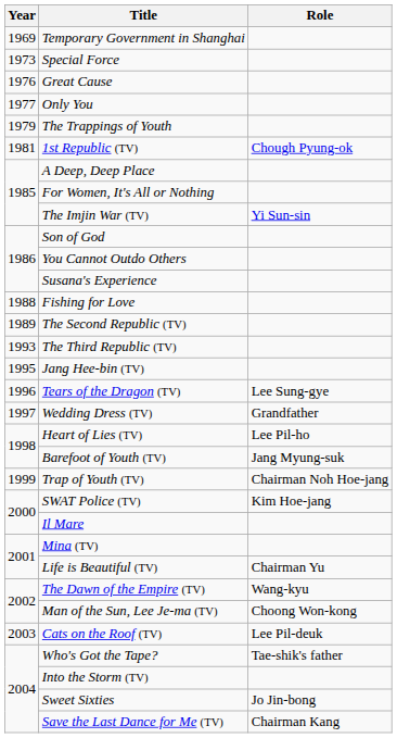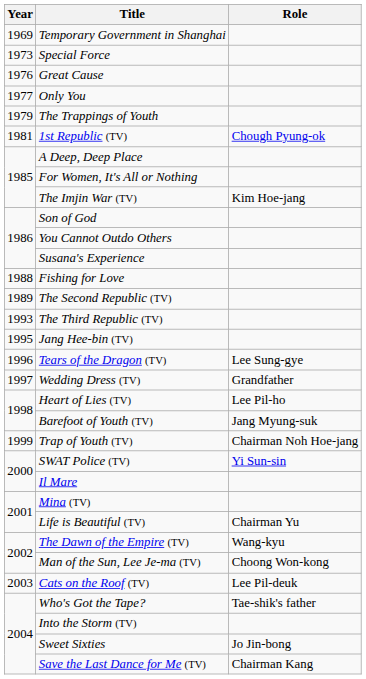 <table class="wikitable">
 <tr>
 <th>Year</th>
 <th>Title</th>
 <th>Role</th>
 </tr>
 <tr>
 <td>1969</td>
 <td><em>Temporary Government in Shanghai</em></td>
 <td></td>
 </tr>
 <tr>
 <td>1973</td>
 <td><em>Special Force</em> </td>
 <td></td>
 </tr>
 <tr>
 <td>1976</td>
 <td><em>Great Cause</em></td>
 <td></td>
 </tr>
 <tr>
 <td>1977</td>
 <td><em>Only You</em></td>
 <td></td>
 </tr>
 <tr>
 <td>1979</td>
 <td><em>The Trappings of Youth</em></td>
 <td></td>
 </tr>
 <tr>
 <td>1981</td>
 <td><em><a href='#'>1st Republic</a></em> <small>(TV)</small></td>
 <td><a href='#'>Chough Pyung-ok</a></td>
 </tr>
 <tr>
 <td rowspan=3>1985</td>
 <td><em>A Deep, Deep Place</em></td>
 <td></td>
 </tr>
 <tr>
 <td><em>For Women, It's All or Nothing</em> </td>
 <td></td>
 </tr>
 <tr>
 <td><em>The Imjin War</em> <small>(TV)</small></td>
-<td><a href='#'>Yi Sun-sin</a></td>
+<td>Kim Hoe-jang</td>
 </tr>
 <tr>
 <td rowspan=3>1986</td>
 <td><em>Son of God</em></td>
 <td></td>
 </tr>
 <tr>
 <td><em>You Cannot Outdo Others</em></td>
 <td></td>
 </tr>
 <tr>
 <td><em>Susana's Experience</em></td>
 <td></td>
 </tr>
 <tr>
 <td>1988</td>
 <td><em>Fishing for Love</em> </td>
 <td></td>
 </tr>
 <tr>
 <td>1989</td>
 <td><em>The Second Republic</em>  <small>(TV)</small></td>
 <td></td>
 </tr>
 <tr>
 <td>1993</td>
 <td><em>The Third Republic</em>  <small>(TV)</small></td>
 <td></td>
 </tr>
 <tr>
 <td>1995</td>
 <td><em>Jang Hee-bin</em>  <small>(TV)</small></td>
 <td></td>
 </tr>
 <tr>
 <td>1996</td>
 <td><em><a href='#'>Tears of the Dragon</a></em> <small>(TV)</small></td>
 <td>Lee Sung-gye</td>
 </tr>
 <tr>
 <td>1997</td>
 <td><em>Wedding Dress</em> <small>(TV)</small></td>
 <td>Grandfather</td>
 </tr>
 <tr>
 <td rowspan=2>1998</td>
 <td><em>Heart of Lies</em> <small>(TV)</small></td>
 <td>Lee Pil-ho</td>
 </tr>
 <tr>
 <td><em>Barefoot of Youth</em>  <small>(TV)</small></td>
 <td>Jang Myung-suk</td>
 </tr>
 <tr>
 <td>1999</td>
 <td><em>Trap of Youth</em> <small>(TV)</small></td>
 <td>Chairman Noh Hoe-jang</td>
 </tr>
 <tr>
 <td rowspan=2>2000</td>
 <td><em>SWAT Police</em> <small>(TV)</small></td>
-<td>Kim Hoe-jang</td>
+<td><a href='#'>Yi Sun-sin</a></td>
 </tr>
 <tr>
 <td><em><a href='#'>Il Mare</a></em></td>
 <td></td>
 </tr>
 <tr>
 <td rowspan=2>2001</td>
 <td><em><a href='#'>Mina</a></em> <small>(TV)</small></td>
 <td></td>
 </tr>
 <tr>
 <td><em>Life is Beautiful</em> <small>(TV)</small></td>
 <td>Chairman Yu</td>
 </tr>
 <tr>
 <td rowspan=2>2002</td>
 <td><em><a href='#'>The Dawn of the Empire</a></em> <small>(TV)</small></td>
 <td>Wang-kyu</td>
 </tr>
 <tr>
 <td><em>Man of the Sun, Lee Je-ma</em> <small>(TV)</small></td>
 <td>Choong Won-kong</td>
 </tr>
 <tr>
 <td>2003</td>
 <td><em><a href='#'>Cats on the Roof</a></em> <small>(TV)</small></td>
 <td>Lee Pil-deuk</td>
 </tr>
 <tr>
 <td rowspan=4>2004</td>
 <td><em>Who's Got the Tape?</em></td>
 <td>Tae-shik's father</td>
 </tr>
 <tr>
 <td><em>Into the Storm</em> <small>(TV)</small></td>
 <td></td>
 </tr>
 <tr>
 <td><em>Sweet Sixties</em></td>
 <td>Jo Jin-bong</td>
 </tr>
 <tr>
 <td><em><a href='#'>Save the Last Dance for Me</a></em> <small>(TV)</small></td>
 <td>Chairman Kang</td>
 </tr>
 </table>
